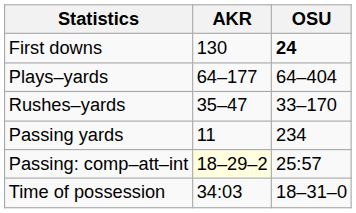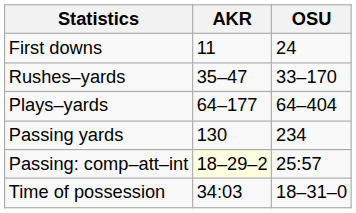 <table class="wikitable" style="float:left">
 <tr>
 <th>Statistics</th>
 <th>AKR</th>
 <th>OSU</th>
 </tr>
 <tr>
 <td>First downs</td>
-<td>130</td>
-<td><strong>24</strong></td>
+<td>11</td>
+<td>24</td>
+</tr>
+<tr>
+<td>Rushes–yards</td>
+<td>35–47</td>
+<td>33–170</td>
 </tr>
 <tr>
 <td>Plays–yards</td>
 <td>64–177</td>
 <td>64–404</td>
 </tr>
 <tr>
-<td>Rushes–yards</td>
-<td>35–47</td>
-<td>33–170</td>
-</tr>
-<tr>
 <td>Passing yards</td>
-<td>11</td>
+<td>130</td>
 <td>234</td>
 </tr>
 <tr>
 <td>Passing: comp–att–int</td>
 <td style="background: lightyellow;">18–29–2</td>
 <td>25:57</td>
 </tr>
 <tr>
 <td>Time of possession</td>
 <td>34:03</td>
 <td>18–31–0</td>
 </tr>
 </table>
